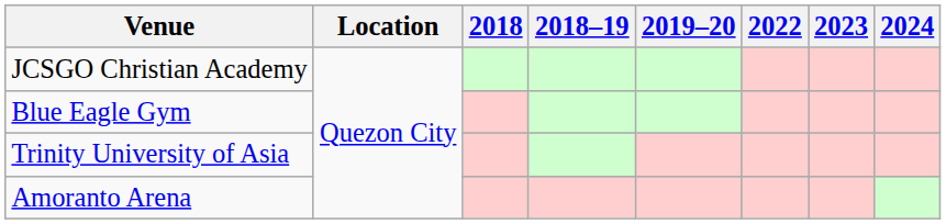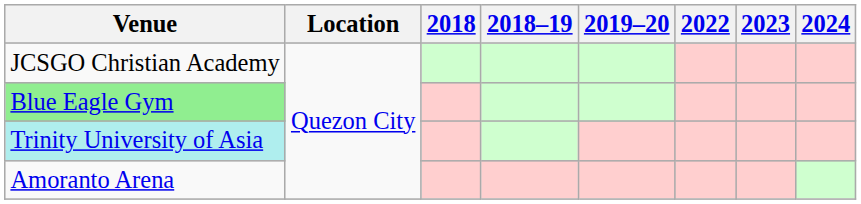 <table class="wikitable sortable" style="text-align:center">
 <tr>
 <th>Venue</th>
 <th>Location</th>
 <th><a href='#'>2018</a></th>
 <th><a href='#'>2018–19</a></th>
 <th><a href='#'>2019–20</a></th>
 <th><a href='#'>2022</a></th>
 <th><a href='#'>2023</a></th>
 <th><a href='#'>2024</a></th>
 </tr>
 <tr>
 <td align=left>JCSGO Christian Academy <br> </td>
 <td align=left rowspan=4><a href='#'>Quezon City</a></td>
 <td bgcolor="CFFFCF"></td>
 <td bgcolor="CFFFCF"></td>
 <td bgcolor="CFFFCF"></td>
 <td bgcolor="FFCFCF"></td>
 <td bgcolor="FFCFCF"></td>
 <td bgcolor="FFCFCF"></td>
 </tr>
 <tr>
-<td align=left><a href='#'>Blue Eagle Gym</a></td>
+<td align=left style="background: lightgreen;"><a href='#'>Blue Eagle Gym</a></td>
 <td bgcolor="FFCFCF"></td>
 <td bgcolor="CFFFCF"></td>
 <td bgcolor="CFFFCF"></td>
 <td bgcolor="FFCFCF"></td>
 <td bgcolor="FFCFCF"></td>
 <td bgcolor="FFCFCF"></td>
 </tr>
 <tr>
-<td align=left><a href='#'>Trinity University of Asia</a> <br> </td>
+<td align=left style="background: paleturquoise;"><a href='#'>Trinity University of Asia</a> <br> </td>
 <td bgcolor="FFCFCF"></td>
 <td bgcolor="CFFFCF"></td>
 <td bgcolor="FFCFCF"></td>
 <td bgcolor="FFCFCF"></td>
 <td bgcolor="FFCFCF"></td>
 <td bgcolor="FFCFCF"></td>
 </tr>
 <tr>
 <td align=left><a href='#'>Amoranto Arena</a></td>
 <td bgcolor="FFCFCF"></td>
 <td bgcolor="FFCFCF"></td>
 <td bgcolor="FFCFCF"></td>
 <td bgcolor="FFCFCF"></td>
 <td bgcolor="FFCFCF"></td>
 <td bgcolor="CFFFCF"></td>
 </tr>
 </table>
